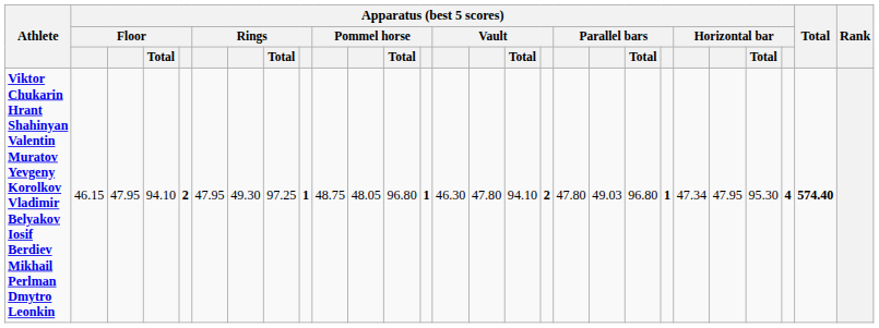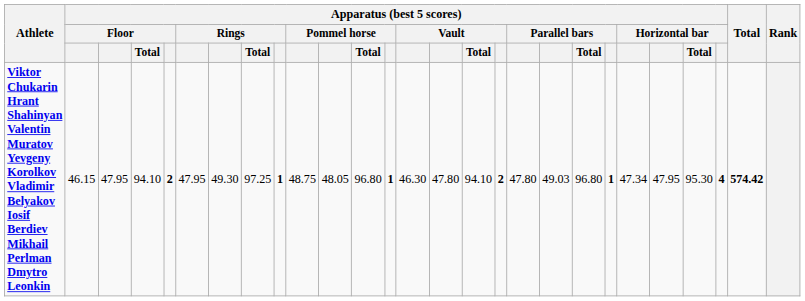 <table class="wikitable" style="font-size:90%">
 <tr>
 <th rowspan=3>Athlete</th>
 <th colspan=24>Apparatus (best 5 scores)</th>
 <th rowspan=3>Total</th>
 <th rowspan=3>Rank</th>
 </tr>
 <tr style="font-size:95%">
 <th colspan=4>Floor</th>
 <th colspan=4>Rings</th>
 <th colspan=4>Pommel horse</th>
 <th colspan=4>Vault</th>
 <th colspan=4>Parallel bars</th>
 <th colspan=4>Horizontal bar</th>
 </tr>
 <tr style="font-size:95%">
 <th></th>
 <th></th>
 <th>Total</th>
 <th></th>
 <th></th>
 <th></th>
 <th>Total</th>
 <th></th>
 <th></th>
 <th></th>
 <th>Total</th>
 <th></th>
 <th></th>
 <th></th>
 <th>Total</th>
 <th></th>
 <th></th>
 <th></th>
 <th>Total</th>
 <th></th>
 <th></th>
 <th></th>
 <th>Total</th>
 <th></th>
 </tr>
 <tr align=center>
 <td align=left><strong><a href='#'>Viktor Chukarin</a><br><a href='#'>Hrant Shahinyan</a><br><a href='#'>Valentin Muratov</a><br><a href='#'>Yevgeny Korolkov</a><br><a href='#'>Vladimir Belyakov</a><br><a href='#'>Iosif Berdiev</a><br><a href='#'>Mikhail Perlman</a><br><a href='#'>Dmytro Leonkin</a></strong></td>
 <td>46.15</td>
 <td>47.95</td>
 <td>94.10</td>
 <td><strong>2</strong></td>
 <td>47.95</td>
 <td>49.30</td>
 <td>97.25</td>
 <td><strong>1</strong></td>
 <td>48.75</td>
 <td>48.05</td>
 <td>96.80</td>
 <td><strong>1</strong></td>
 <td>46.30</td>
 <td>47.80</td>
 <td>94.10</td>
 <td><strong>2</strong></td>
 <td>47.80</td>
 <td>49.03</td>
 <td>96.80</td>
 <td><strong>1</strong></td>
 <td>47.34</td>
 <td>47.95</td>
 <td>95.30</td>
 <td><strong>4</strong></td>
-<td><strong>574.40</strong></td>
+<td><strong>574.42</strong></td>
 <th></th>
 </tr>
 </table>
